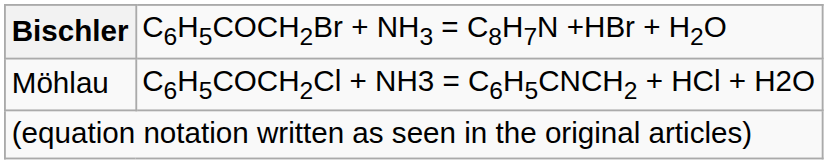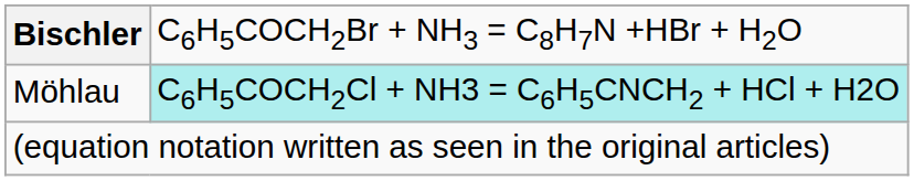 <table class="wikitable">
 <tr>
 <th>Bischler</th>
 <td>C<sub>6</sub>H<sub>5</sub>COCH<sub>2</sub>Br + NH<sub>3</sub> = C<sub>8</sub>H<sub>7</sub>N +HBr + H<sub>2</sub>O</td>
 </tr>
 <tr>
 <td>Möhlau</td>
-<td>C<sub>6</sub>H<sub>5</sub>COCH<sub>2</sub>Cl + NH3 = C<sub>6</sub>H<sub>5</sub>CNCH<sub>2</sub> + HCl + H2O</td>
+<td style="background: paleturquoise;">C<sub>6</sub>H<sub>5</sub>COCH<sub>2</sub>Cl + NH3 = C<sub>6</sub>H<sub>5</sub>CNCH<sub>2</sub> + HCl + H2O</td>
 </tr>
 <tr>
 <td colspan="2">(equation notation written as seen in the original articles)</td>
 </tr>
 </table>
